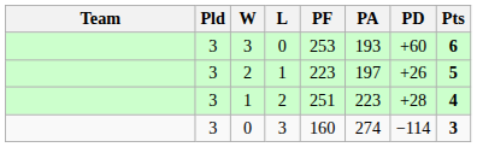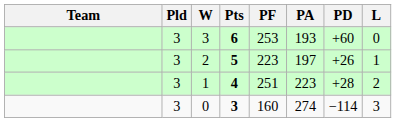 <table class="wikitable" style="text-align:center;">
 <tr>
 <th width=170>Team</th>
 <th width=25>Pld</th>
 <th width=25>W</th>
-<th width=25>L</th>
+<th width=25>Pts</th>
 <th width=35>PF</th>
 <th width=35>PA</th>
 <th width=35>PD</th>
-<th width=25>Pts</th>
+<th width=25>L</th>
 </tr>
 <tr bgcolor="#ccffcc">
 <td align="left"></td>
 <td>3</td>
 <td>3</td>
-<td>0</td>
+<td><strong>6</strong></td>
 <td>253</td>
 <td>193</td>
 <td>+60</td>
-<td><strong>6</strong></td>
+<td>0</td>
 </tr>
 <tr bgcolor="#ccffcc">
 <td align="left"></td>
 <td>3</td>
 <td>2</td>
-<td>1</td>
+<td><strong>5</strong></td>
 <td>223</td>
 <td>197</td>
 <td>+26</td>
-<td><strong>5</strong></td>
+<td>1</td>
 </tr>
 <tr bgcolor="#ccffcc">
 <td align="left"></td>
 <td>3</td>
 <td>1</td>
-<td>2</td>
+<td><strong>4</strong></td>
 <td>251</td>
 <td>223</td>
 <td>+28</td>
-<td><strong>4</strong></td>
+<td>2</td>
 </tr>
 <tr>
 <td align="left"></td>
 <td>3</td>
 <td>0</td>
-<td>3</td>
+<td><strong>3</strong></td>
 <td>160</td>
 <td>274</td>
 <td>−114</td>
-<td><strong>3</strong></td>
+<td>3</td>
 </tr>
 </table>
